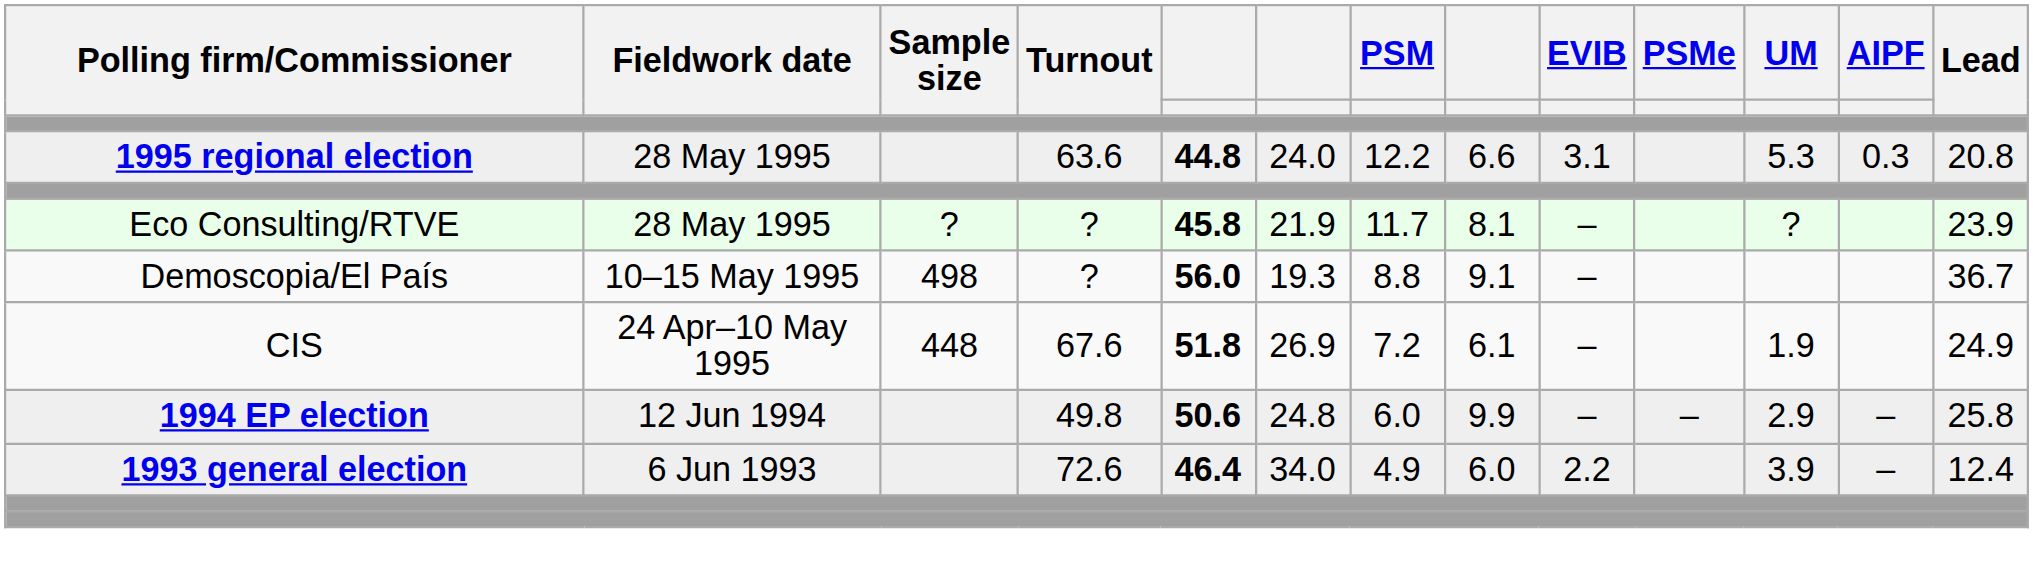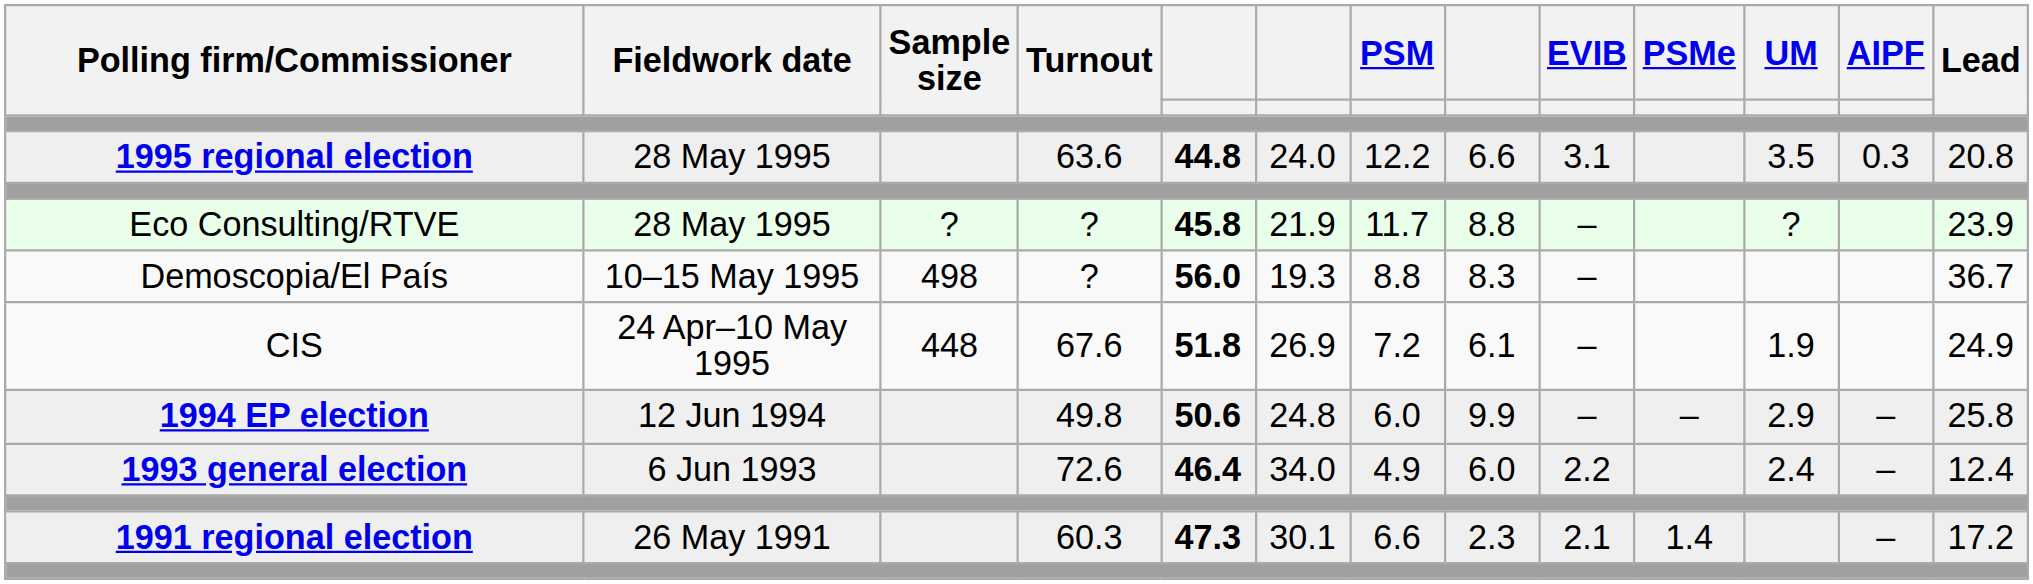 <table class="wikitable collapsible collapsed" style="text-align:center; font-size:95%; line-height:16px;">
 <tr style="height:42px;">
 <th style="width:250px;" rowspan="2">Polling firm/Commissioner</th>
 <th style="width:125px;" rowspan="2">Fieldwork date</th>
 <th style="width:50px;" rowspan="2">Sample size</th>
 <th style="width:45px;" rowspan="2">Turnout</th>
 <th style="width:35px;"></th>
 <th style="width:35px;"></th>
 <th style="width:35px;"><a href='#'>PSM</a></th>
 <th style="width:35px;"></th>
 <th style="width:35px;"><a href='#'>EVIB</a></th>
 <th style="width:35px;"><a href='#'>PSMe</a></th>
 <th style="width:35px;"><a href='#'>UM</a></th>
 <th style="width:35px;"><a href='#'>AIPF</a></th>
 <th style="width:30px;" rowspan="2">Lead</th>
 </tr>
 <tr>
 <th style="color:inherit;background:"></th>
 <th style="color:inherit;background:"></th>
 <th style="color:inherit;background:"></th>
 <th style="color:inherit;background:"></th>
 <th style="color:inherit;background:"></th>
 <th style="color:inherit;background:"></th>
 <th style="color:inherit;background:"></th>
 <th style="color:inherit;background:"></th>
 </tr>
 <tr>
 <td colspan="13" style="background:#A0A0A0"></td>
 </tr>
 <tr style="background:#EFEFEF;">
 <td><strong><a href='#'>1995 regional election</a></strong></td>
 <td>28 May 1995</td>
 <td></td>
 <td>63.6</td>
 <td><strong>44.8</strong><br></td>
 <td>24.0<br></td>
 <td>12.2<br></td>
 <td>6.6<br></td>
 <td>3.1<br></td>
 <td></td>
-<td>5.3<br></td>
+<td>3.5<br></td>
 <td>0.3<br></td>
 <td style="background:">20.8</td>
 </tr>
 <tr>
 <td colspan="13" style="background:#A0A0A0"></td>
 </tr>
 <tr style="background:#EAFFEA;">
 <td>Eco Consulting/RTVE</td>
 <td>28 May 1995</td>
 <td>?</td>
 <td>?</td>
 <td><strong>45.8</strong><br></td>
 <td>21.9<br></td>
 <td>11.7<br></td>
-<td>8.1<br></td>
+<td>8.8<br></td>
 <td>–</td>
 <td></td>
 <td>?<br></td>
 <td></td>
 <td style="background:">23.9</td>
 </tr>
 <tr>
 <td>Demoscopia/El País</td>
 <td>10–15 May 1995</td>
 <td>498</td>
 <td>?</td>
 <td><strong>56.0</strong><br></td>
 <td>19.3<br></td>
 <td>8.8<br></td>
-<td>9.1<br></td>
+<td>8.3<br></td>
 <td>–</td>
 <td></td>
 <td></td>
 <td></td>
 <td style="background:">36.7</td>
 </tr>
 <tr>
 <td>CIS</td>
 <td>24 Apr–10 May 1995</td>
 <td>448</td>
 <td>67.6</td>
 <td><strong>51.8</strong></td>
 <td>26.9</td>
 <td>7.2</td>
 <td>6.1</td>
 <td>–</td>
 <td></td>
 <td>1.9</td>
 <td></td>
 <td style="background:">24.9</td>
 </tr>
 <tr style="background:#EFEFEF;">
 <td><strong><a href='#'>1994 EP election</a></strong></td>
 <td>12 Jun 1994</td>
 <td></td>
 <td>49.8</td>
 <td><strong>50.6</strong></td>
 <td>24.8</td>
 <td>6.0</td>
 <td>9.9</td>
 <td>–</td>
 <td>–</td>
 <td>2.9</td>
 <td>–</td>
 <td style="background:">25.8</td>
 </tr>
 <tr style="background:#EFEFEF;">
 <td><strong><a href='#'>1993 general election</a></strong></td>
 <td>6 Jun 1993</td>
 <td></td>
 <td>72.6</td>
 <td><strong>46.4</strong></td>
 <td>34.0</td>
 <td>4.9</td>
 <td>6.0</td>
 <td>2.2</td>
 <td></td>
-<td>3.9</td>
+<td>2.4</td>
 <td>–</td>
 <td style="background:">12.4</td>
 </tr>
 <tr>
 <td colspan="13" style="background:#A0A0A0"></td>
 </tr>
+<tr style="background:#EFEFEF;">
+<td><strong><a href='#'>1991 regional election</a></strong></td>
+<td>26 May 1991</td>
+<td></td>
+<td>60.3</td>
+<td><strong>47.3</strong><br></td>
+<td>30.1<br></td>
+<td>6.6<br></td>
+<td>2.3<br></td>
+<td>2.1<br></td>
+<td>1.4<br></td>
+<td></td>
+<td>–</td>
+<td style="background:">17.2</td>
+</tr>
 <tr>
 <td colspan="13" style="background:#A0A0A0"></td>
 </tr>
 </table>
